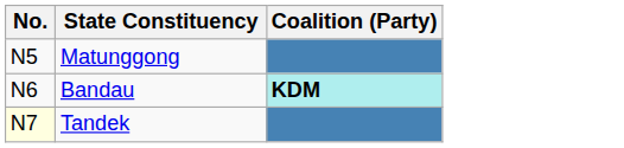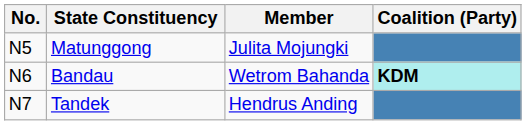 <table class="wikitable sortable">
 <tr>
 <th width="30">No.</th>
 <th width="150">State Constituency</th>
+<th>Member</th>
 <th>Coalition (Party)</th>
 </tr>
 <tr>
 <td>N5</td>
 <td><a href='#'>Matunggong</a></td>
+<td><a href='#'>Julita Mojungki</a></td>
 <td style="background-color: #4682B4;"></td>
 </tr>
 <tr>
 <td>N6</td>
 <td><a href='#'>Bandau</a></td>
+<td><a href='#'>Wetrom Bahanda</a></td>
 <td style="background: paleturquoise;"><strong>KDM</strong></td>
 </tr>
 <tr>
-<td style="background: lightyellow;">N7</td>
+<td>N7</td>
 <td><a href='#'>Tandek</a></td>
+<td><a href='#'>Hendrus Anding</a></td>
 <td style="background-color: #4682B4;"></td>
 </tr>
 </table>
